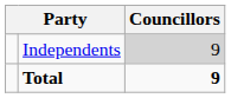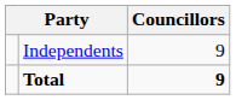 <table class="wikitable">
 <tr>
 <th colspan="2">Party</th>
 <th>Councillors</th>
 </tr>
 <tr>
 <td> </td>
 <td><a href='#'>Independents</a></td>
-<td align=right style="background: lightgrey;">9</td>
+<td align=right>9</td>
 </tr>
 <tr>
 <td></td>
 <td><strong>Total</strong></td>
 <td align=right><strong>9</strong></td>
 </tr>
 </table>
